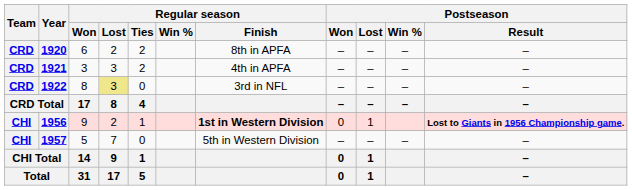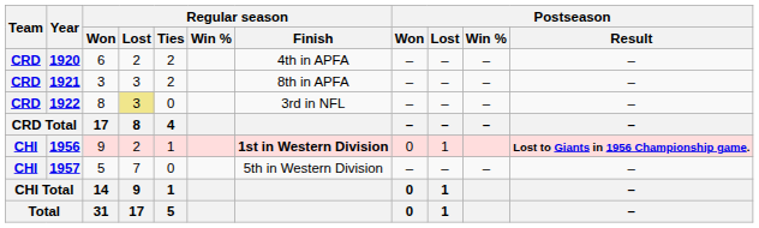 <table class="wikitable" style="font-size: 95%; text-align:center;">
 <tr>
 <th rowspan="2">Team</th>
 <th rowspan="2">Year</th>
 <th colspan="5">Regular season</th>
 <th colspan="4">Postseason</th>
 </tr>
 <tr>
 <th>Won</th>
 <th>Lost</th>
 <th>Ties</th>
 <th>Win %</th>
 <th>Finish</th>
 <th>Won</th>
 <th>Lost</th>
 <th>Win %</th>
 <th>Result</th>
 </tr>
 <tr>
 <th><a href='#'>CRD</a></th>
 <th><a href='#'>1920</a></th>
 <td>6</td>
 <td>2</td>
 <td>2</td>
 <td></td>
-<td>8th in APFA</td>
+<td>4th in APFA</td>
 <td>–</td>
 <td>–</td>
 <td>–</td>
 <td>–</td>
 </tr>
 <tr>
 <th><a href='#'>CRD</a></th>
 <th><a href='#'>1921</a></th>
 <td>3</td>
 <td>3</td>
 <td>2</td>
 <td></td>
-<td>4th in APFA</td>
+<td>8th in APFA</td>
 <td>–</td>
 <td>–</td>
 <td>–</td>
 <td>–</td>
 </tr>
 <tr>
 <th><a href='#'>CRD</a></th>
 <th><a href='#'>1922</a></th>
 <td>8</td>
 <td style="background: khaki;">3</td>
 <td>0</td>
 <td></td>
 <td>3rd in NFL</td>
 <td>–</td>
 <td>–</td>
 <td>–</td>
 <td>–</td>
 </tr>
 <tr>
 <th colspan="2">CRD Total</th>
 <th>17</th>
 <th>8</th>
 <th>4</th>
 <th></th>
 <th></th>
 <th>–</th>
 <th>–</th>
 <th>–</th>
 <th>–</th>
 </tr>
 <tr ! style="background:#fdd;">
 <th><a href='#'>CHI</a></th>
 <th><a href='#'>1956</a></th>
 <td>9</td>
 <td>2</td>
 <td>1</td>
 <td></td>
 <td><strong>1st in Western Division</strong></td>
 <td>0</td>
 <td>1</td>
 <td></td>
 <td><small><strong>Lost to <a href='#'>Giants</a> in <a href='#'>1956 Championship game</a>.</strong></small></td>
 </tr>
 <tr>
 <th><a href='#'>CHI</a></th>
 <th><a href='#'>1957</a></th>
 <td>5</td>
 <td>7</td>
 <td>0</td>
 <td></td>
 <td>5th in Western Division</td>
 <td>–</td>
 <td>–</td>
 <td>–</td>
 <td>–</td>
 </tr>
 <tr>
 <th colspan="2">CHI Total</th>
 <th>14</th>
 <th>9</th>
 <th>1</th>
 <th></th>
 <th></th>
 <th>0</th>
 <th>1</th>
 <th></th>
 <th>–</th>
 </tr>
 <tr>
 <th colspan="2">Total</th>
 <th>31</th>
 <th>17</th>
 <th>5</th>
 <th></th>
 <th></th>
 <th>0</th>
 <th>1</th>
 <th></th>
 <th>–</th>
 </tr>
 </table>
